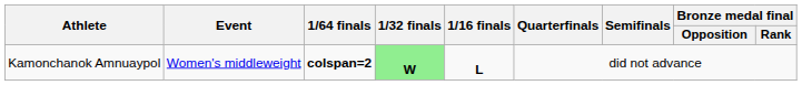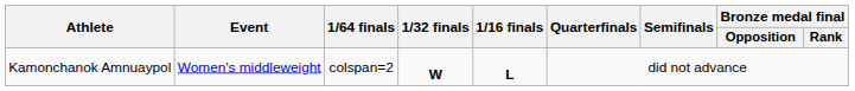 <table class="wikitable" style="font-size:90%">
 <tr>
 <th rowspan=2>Athlete</th>
 <th rowspan=2>Event</th>
 <th rowspan=2>1/64 finals</th>
 <th rowspan=2>1/32 finals</th>
 <th rowspan=2>1/16 finals</th>
 <th rowspan=2>Quarterfinals</th>
 <th rowspan=2>Semifinals</th>
 <th colspan=2>Bronze medal final</th>
 </tr>
 <tr style="font-size:95%">
 <th>Opposition</th>
 <th>Rank</th>
 </tr>
 <tr align=center>
 <td align=left>Kamonchanok Amnuaypol</td>
 <td align=left rowspan=2><a href='#'>Women's middleweight</a></td>
-<td><strong>colspan=2 </strong></td>
-<td style="background: lightgreen;"><br> <strong>W</strong></td>
+<td>colspan=2 </td>
+<td><br> <strong>W</strong></td>
 <td><br> <strong>L</strong></td>
 <td colspan=4>did not advance</td>
 </tr>
 </table>
